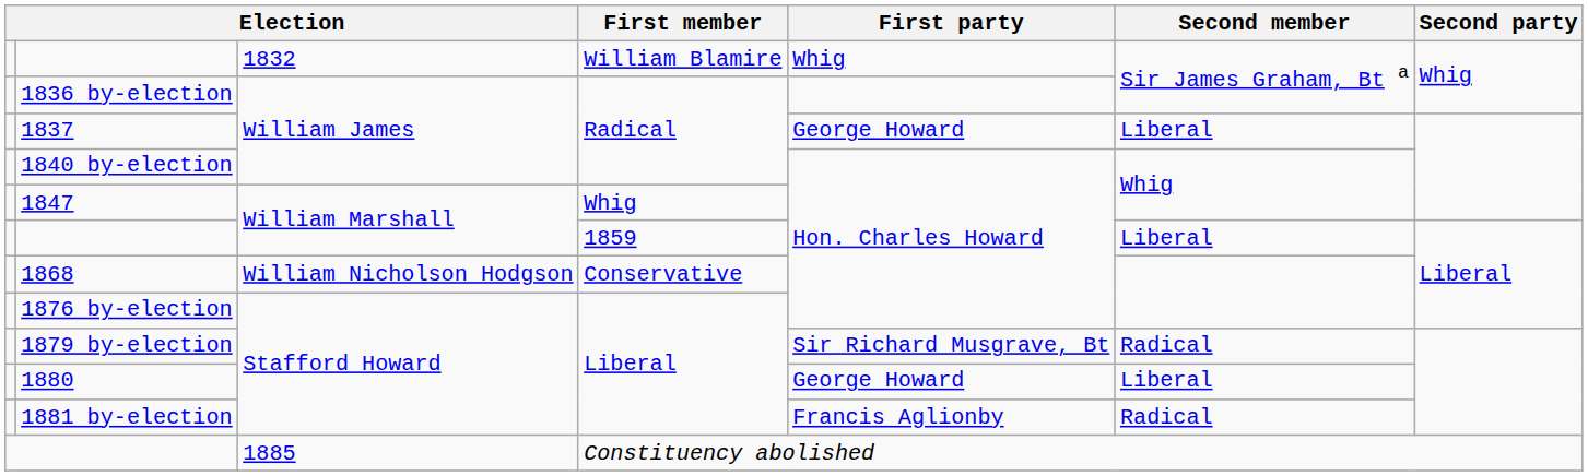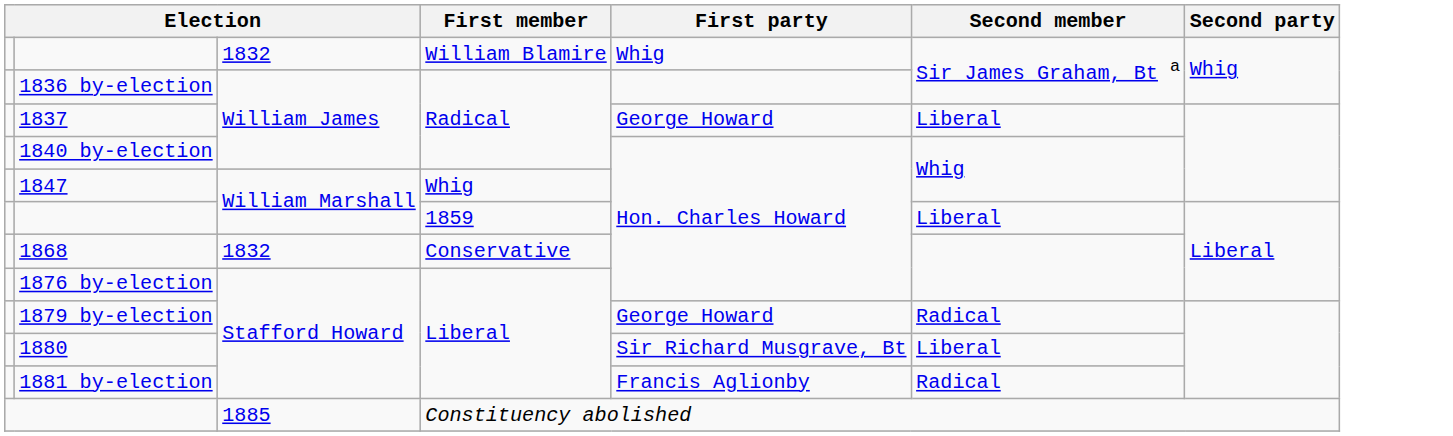 <table class="wikitable">
 <tr>
 <th colspan="3">Election</th>
 <th>First member</th>
 <th>First party</th>
 <th>Second member</th>
 <th>Second party</th>
 </tr>
 <tr>
 <td style="color:inherit;background-color: "></td>
 <td style="color:inherit;background-color: "></td>
 <td><a href='#'>1832</a></td>
 <td><a href='#'>William Blamire</a></td>
 <td><a href='#'>Whig</a></td>
 <td rowspan="2"><a href='#'>Sir James Graham, Bt</a> <sup>a</sup></td>
 <td rowspan="2"><a href='#'>Whig</a></td>
 </tr>
 <tr>
 <td style="color:inherit;background-color: "></td>
 <td><a href='#'>1836 by-election</a></td>
 <td rowspan="3"><a href='#'>William James</a></td>
 <td rowspan="3"><a href='#'>Radical</a></td>
 </tr>
 <tr>
 <td style="color:inherit;background-color: "></td>
 <td><a href='#'>1837</a></td>
 <td><a href='#'>George Howard</a></td>
 <td><a href='#'>Liberal</a></td>
 </tr>
 <tr>
 <td style="color:inherit;background-color: "></td>
 <td><a href='#'>1840 by-election</a></td>
 <td rowspan="5"><a href='#'>Hon. Charles Howard</a></td>
 <td rowspan="2"><a href='#'>Whig</a></td>
 </tr>
 <tr>
 <td style="color:inherit;background-color: "></td>
 <td><a href='#'>1847</a></td>
 <td rowspan="2"><a href='#'>William Marshall</a></td>
 <td><a href='#'>Whig</a></td>
 </tr>
 <tr>
 <td style="color:inherit;background-color: "></td>
 <td style="color:inherit;background-color: "></td>
 <td><a href='#'>1859</a></td>
 <td><a href='#'>Liberal</a></td>
 <td rowspan="3"><a href='#'>Liberal</a></td>
 </tr>
 <tr>
 <td style="color:inherit;background-color: "></td>
 <td><a href='#'>1868</a></td>
-<td><a href='#'>William Nicholson Hodgson</a></td>
+<td><a href='#'>1832</a></td>
 <td><a href='#'>Conservative</a></td>
 </tr>
 <tr>
 <td style="color:inherit;background-color: "></td>
 <td><a href='#'>1876 by-election</a></td>
 <td rowspan="4"><a href='#'>Stafford Howard</a></td>
 <td rowspan="4"><a href='#'>Liberal</a></td>
 </tr>
 <tr>
 <td style="color:inherit;background-color: "></td>
 <td><a href='#'>1879 by-election</a></td>
-<td><a href='#'>Sir Richard Musgrave, Bt</a></td>
+<td><a href='#'>George Howard</a></td>
 <td><a href='#'>Radical</a></td>
 </tr>
 <tr>
 <td style="color:inherit;background-color: "></td>
 <td><a href='#'>1880</a></td>
-<td><a href='#'>George Howard</a></td>
+<td><a href='#'>Sir Richard Musgrave, Bt</a></td>
 <td><a href='#'>Liberal</a></td>
 </tr>
 <tr>
 <td style="color:inherit;background-color: "></td>
 <td><a href='#'>1881 by-election</a></td>
 <td><a href='#'>Francis Aglionby</a></td>
 <td><a href='#'>Radical</a></td>
 </tr>
 <tr>
 <td colspan="2"></td>
 <td><a href='#'>1885</a></td>
 <td colspan="4"><em>Constituency abolished</em></td>
 </tr>
 </table>
